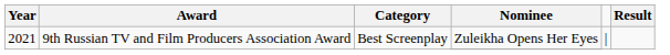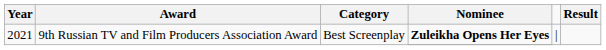 <table class="wikitable sortable">
 <tr>
 <th>Year</th>
 <th>Award</th>
 <th>Category</th>
 <th>Nominee</th>
 <td></td>
 <th>Result</th>
 </tr>
 <tr>
 <td rowspan="3">2021</td>
 <td rowspan="3">9th Russian TV and Film Producers Association Award</td>
 <td rowspan="2">Best Screenplay</td>
-<td>Zuleikha Opens Her Eyes</td>
+<td><strong>Zuleikha Opens Her Eyes</strong></td>
 <td rowspan="3" style="text-align:center;">| </td>
 </tr>
 <tr>
 </tr>
 </table>
